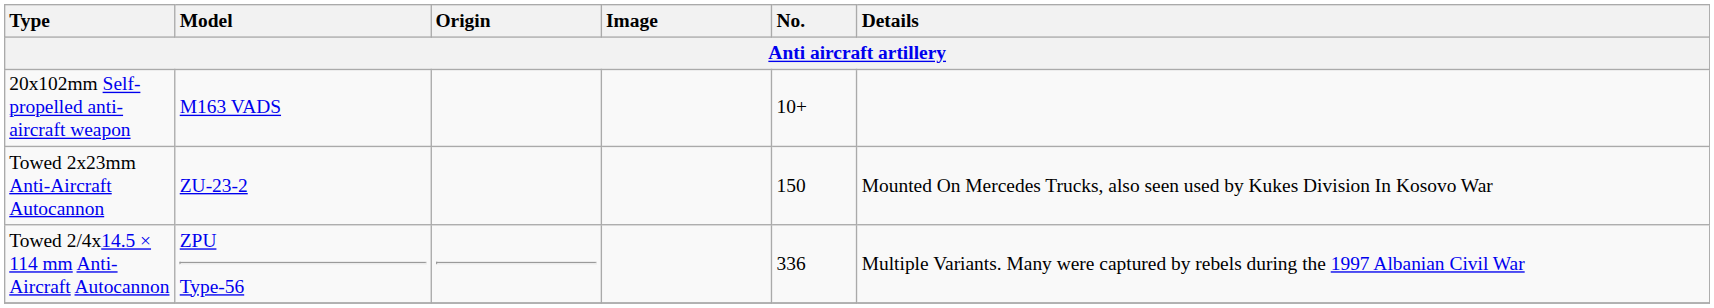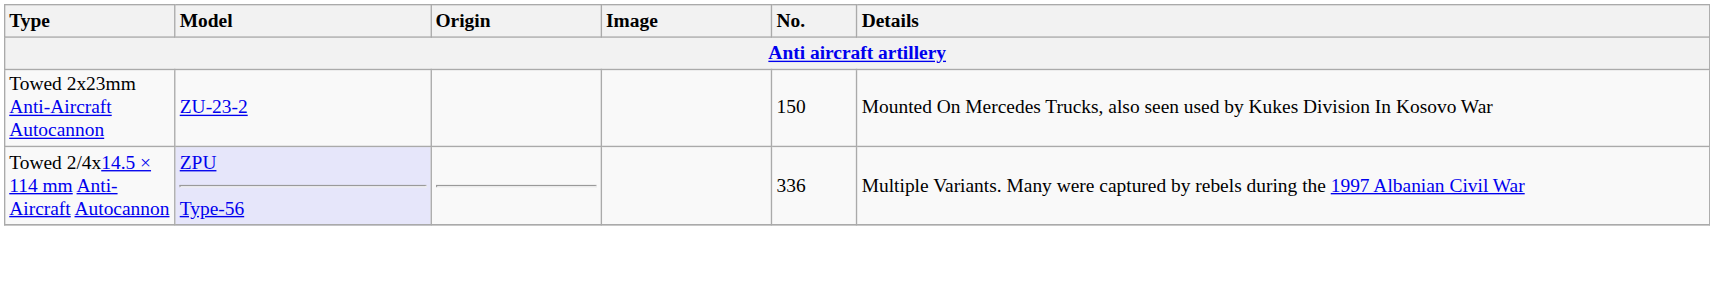 <table class="wikitable" style="margin:auto; font-size:90%; width:100%;">
 <tr>
 <th style="text-align:left; width:10%;">Type</th>
 <th style="text-align:left; width:15%;">Model</th>
 <th style="text-align:left; width:10%;">Origin</th>
 <th style="text-align:left; width:10%;">Image</th>
 <th style="text-align:left; width:5%">No.</th>
 <th style="text-align:left; width:50%">Details</th>
 </tr>
 <tr>
 <th colspan="6"><a href='#'>Anti aircraft artillery</a></th>
 </tr>
 <tr>
-<td>20x102mm <a href='#'>Self-propelled anti-aircraft weapon</a></td>
-<td><a href='#'>M163 VADS</a></td>
-<td></td>
-<td></td>
-<td>10+</td>
-<td></td>
-</tr>
-<tr>
 <td>Towed 2x23mm <a href='#'>Anti-Aircraft</a> <a href='#'>Autocannon</a></td>
 <td><a href='#'>ZU-23-2</a></td>
 <td></td>
 <td></td>
 <td>150</td>
 <td>Mounted On Mercedes Trucks, also seen used by Kukes Division In Kosovo War</td>
 </tr>
 <tr>
 <td>Towed 2/4x<a href='#'>14.5 × 114 mm</a> <a href='#'>Anti-Aircraft</a> <a href='#'>Autocannon</a></td>
-<td><a href='#'>ZPU</a> <hr> <a href='#'>Type-56</a></td>
+<td style="background: lavender;"><a href='#'>ZPU</a> <hr> <a href='#'>Type-56</a></td>
 <td> <hr> </td>
 <td><br> </td>
 <td>336</td>
 <td>Multiple Variants. Many were captured by rebels during the <a href='#'>1997 Albanian Civil War</a></td>
 </tr>
 <tr>
 </tr>
 </table>
